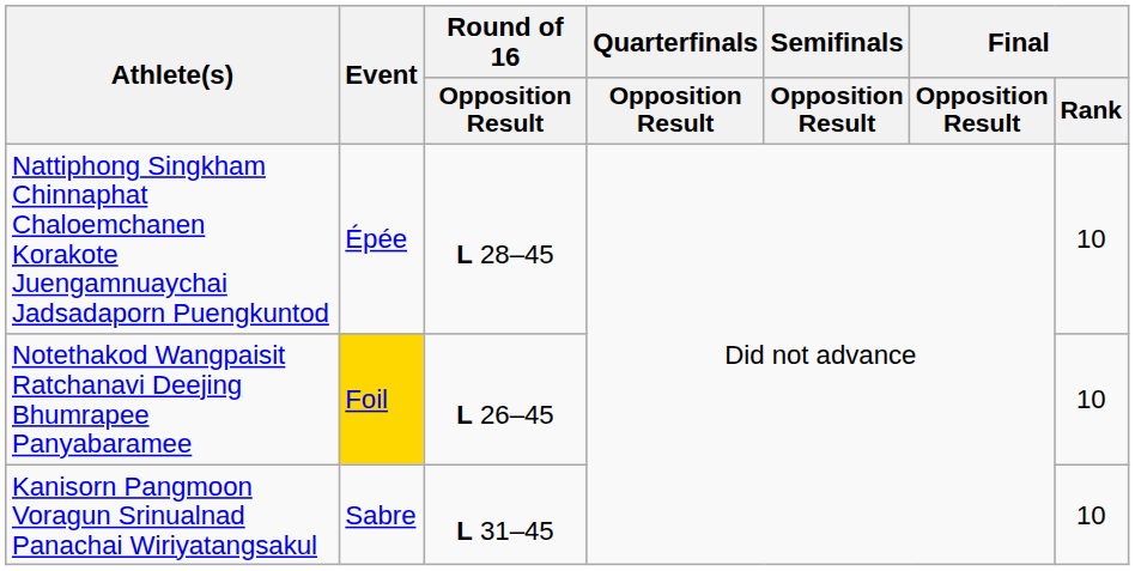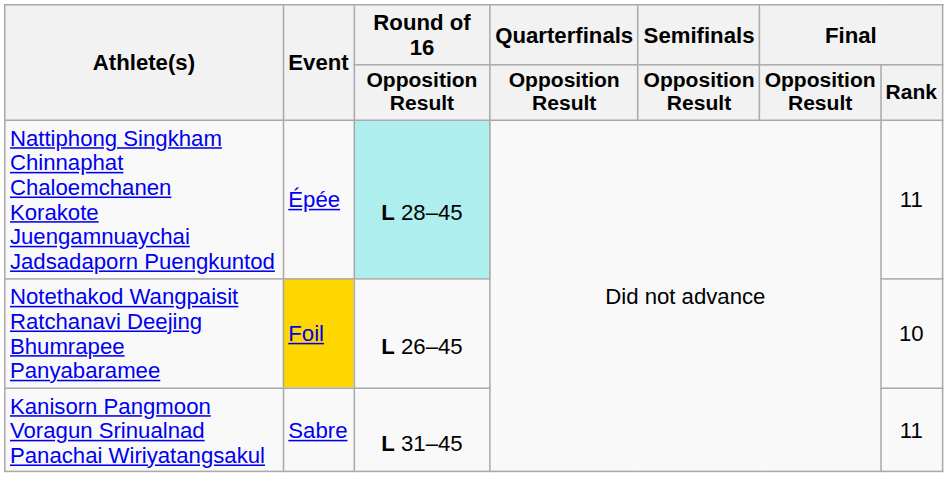 <table class="wikitable" style="font-size:90%">
 <tr>
 <th rowspan="2">Athlete(s)</th>
 <th rowspan="2">Event</th>
 <th>Round of 16</th>
 <th>Quarterfinals</th>
 <th>Semifinals</th>
 <th colspan=2>Final</th>
 </tr>
 <tr style="font-size:95%">
 <th>Opposition<br>Result</th>
 <th>Opposition<br>Result</th>
 <th>Opposition<br>Result</th>
 <th>Opposition<br>Result</th>
 <th>Rank</th>
 </tr>
 <tr align=center>
 <td align=left><a href='#'>Nattiphong Singkham</a><br><a href='#'>Chinnaphat Chaloemchanen</a><br><a href='#'>Korakote Juengamnuaychai</a><br><a href='#'>Jadsadaporn Puengkuntod</a></td>
 <td align=left><a href='#'>Épée</a></td>
-<td> <br><strong>L</strong> 28–45</td>
+<td style="background: paleturquoise;"> <br><strong>L</strong> 28–45</td>
 <td rowspan=3 colspan=3>Did not advance</td>
-<td>10</td>
+<td>11</td>
 </tr>
 <tr align=center>
 <td align=left><a href='#'>Notethakod Wangpaisit</a><br><a href='#'>Ratchanavi Deejing</a><br><a href='#'>Bhumrapee Panyabaramee</a></td>
 <td align=left style="background: gold;"><a href='#'>Foil</a></td>
 <td> <br><strong>L</strong> 26–45</td>
 <td>10</td>
 </tr>
 <tr align=center>
 <td align=left><a href='#'>Kanisorn Pangmoon</a><br><a href='#'>Voragun Srinualnad</a><br><a href='#'>Panachai Wiriyatangsakul</a></td>
 <td align=left><a href='#'>Sabre</a></td>
 <td> <br><strong>L</strong> 31–45</td>
-<td>10</td>
+<td>11</td>
 </tr>
 </table>
